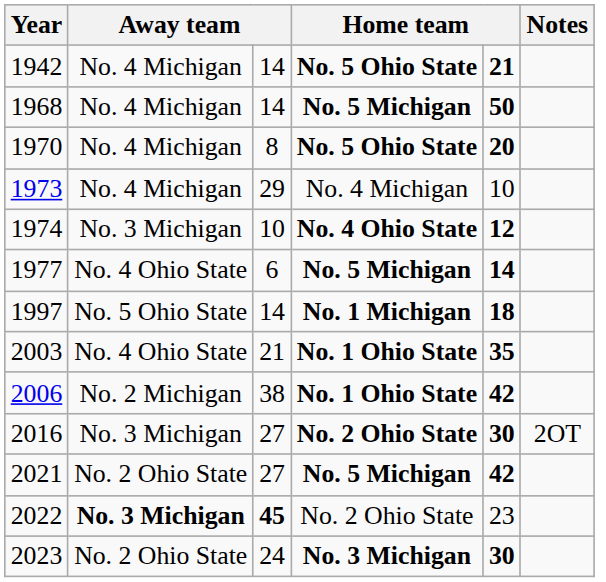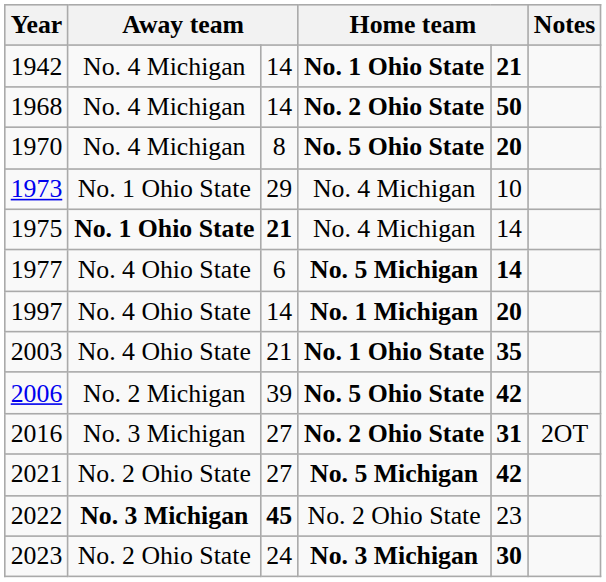 <table class="wikitable">
 <tr>
 <th>Year</th>
 <th colspan="2">Away team</th>
 <th colspan="2">Home team</th>
 <th>Notes</th>
 </tr>
 <tr align="center">
 <td>1942</td>
 <td>No. 4 Michigan</td>
 <td>14</td>
-<td><strong>No. 5 Ohio State</strong></td>
+<td><strong>No. 1 Ohio State</strong></td>
 <td><strong>21</strong></td>
 <td></td>
 </tr>
 <tr align="center">
 <td>1968</td>
 <td>No. 4 Michigan</td>
 <td>14</td>
-<td><strong>No. 5 Michigan</strong></td>
+<td><strong>No. 2 Ohio State</strong></td>
 <td><strong>50</strong></td>
 <td></td>
 </tr>
 <tr align="center">
 <td>1970</td>
 <td>No. 4 Michigan</td>
 <td>8</td>
 <td><strong>No. 5 Ohio State</strong></td>
 <td><strong>20</strong></td>
 <td></td>
 </tr>
 <tr align="center">
 <td><a href='#'>1973</a></td>
-<td>No. 4 Michigan</td>
+<td>No. 1 Ohio State</td>
 <td>29</td>
 <td>No. 4 Michigan</td>
 <td>10</td>
 <td></td>
 </tr>
 <tr align="center">
-<td>1974</td>
-<td>No. 3 Michigan</td>
-<td>10</td>
-<td><strong>No. 4 Ohio State</strong></td>
-<td><strong>12</strong></td>
+<td>1975</td>
+<td><strong>No. 1 Ohio State</strong></td>
+<td><strong>21</strong></td>
+<td>No. 4 Michigan</td>
+<td>14</td>
 <td></td>
 </tr>
 <tr align="center">
 <td>1977</td>
 <td>No. 4 Ohio State</td>
 <td>6</td>
 <td><strong>No. 5 Michigan</strong></td>
 <td><strong>14</strong></td>
 <td></td>
 </tr>
 <tr align="center">
 <td>1997</td>
-<td>No. 5 Ohio State</td>
+<td>No. 4 Ohio State</td>
 <td>14</td>
 <td><strong>No. 1 Michigan</strong></td>
-<td><strong>18</strong></td>
+<td><strong>20</strong></td>
 <td></td>
 </tr>
 <tr align="center">
 <td>2003</td>
 <td>No. 4 Ohio State</td>
 <td>21</td>
 <td><strong>No. 1 Ohio State</strong></td>
 <td><strong>35</strong></td>
 <td></td>
 </tr>
 <tr align="center">
 <td><a href='#'>2006</a></td>
 <td>No. 2 Michigan</td>
-<td>38</td>
-<td><strong>No. 1 Ohio State</strong></td>
+<td>39</td>
+<td><strong>No. 5 Ohio State</strong></td>
 <td><strong>42</strong></td>
 <td></td>
 </tr>
 <tr align="center">
 <td>2016</td>
 <td>No. 3 Michigan</td>
 <td>27</td>
 <td><strong>No. 2 Ohio State</strong></td>
-<td><strong>30</strong></td>
+<td><strong>31</strong></td>
 <td>2OT</td>
 </tr>
 <tr align="center">
 <td>2021</td>
 <td>No. 2 Ohio State</td>
 <td>27</td>
 <td><strong>No. 5 Michigan</strong></td>
 <td><strong>42</strong></td>
 <td></td>
 </tr>
 <tr align="center">
 <td>2022</td>
 <td><strong>No. 3 Michigan</strong></td>
 <td><strong>45</strong></td>
 <td>No. 2 Ohio State</td>
 <td>23</td>
 <td></td>
 </tr>
 <tr align="center">
 <td>2023</td>
 <td>No. 2 Ohio State</td>
 <td>24</td>
 <td><strong>No. 3 Michigan</strong></td>
 <td><strong>30</strong></td>
 <td></td>
 </tr>
 </table>
